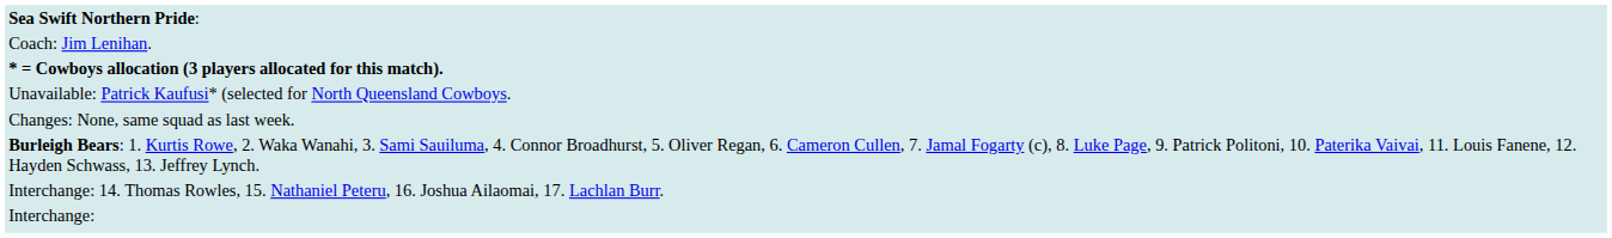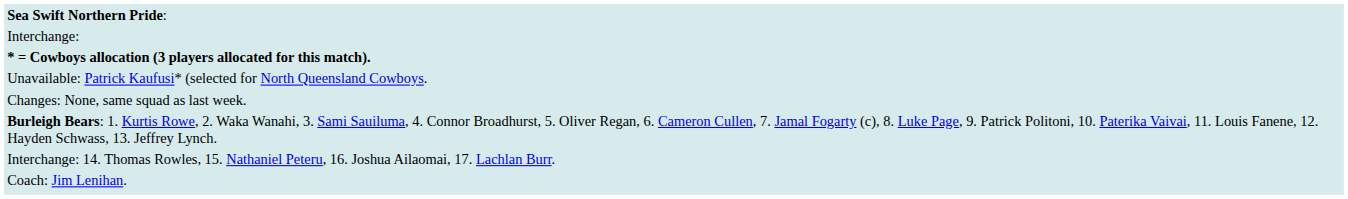 <table style="background:#d7ebed; font-size:85%; width:100%;">
 <tr>
 <td><strong>Sea Swift Northern Pride</strong>:             </td>
 </tr>
 <tr>
-<td>Coach: <a href='#'>Jim Lenihan</a>.</td>
+<td>Interchange:    </td>
 </tr>
 <tr>
 <td><strong>* = Cowboys allocation (3 players allocated for this match).</strong></td>
 </tr>
 <tr>
 <td>Unavailable: <a href='#'>Patrick Kaufusi</a>* (selected for <a href='#'>North Queensland Cowboys</a>.</td>
 </tr>
 <tr>
 <td>Changes: None, same squad as last week.</td>
 </tr>
 <tr>
 <td><strong>Burleigh Bears</strong>: 1. <a href='#'>Kurtis Rowe</a>, 2. Waka Wanahi, 3. <a href='#'>Sami Sauiluma</a>, 4. Connor Broadhurst, 5. Oliver Regan, 6. <a href='#'>Cameron Cullen</a>, 7. <a href='#'>Jamal Fogarty</a> (c), 8. <a href='#'>Luke Page</a>, 9. Patrick Politoni, 10. <a href='#'>Paterika Vaivai</a>, 11. Louis Fanene, 12. Hayden Schwass, 13. Jeffrey Lynch.</td>
 </tr>
 <tr>
 <td>Interchange: 14. Thomas Rowles, 15. <a href='#'>Nathaniel Peteru</a>, 16. Joshua Ailaomai, 17. <a href='#'>Lachlan Burr</a>.</td>
 </tr>
 <tr>
-<td>Interchange:    </td>
+<td>Coach: <a href='#'>Jim Lenihan</a>.</td>
 </tr>
 <tr>
 </tr>
 </table>
